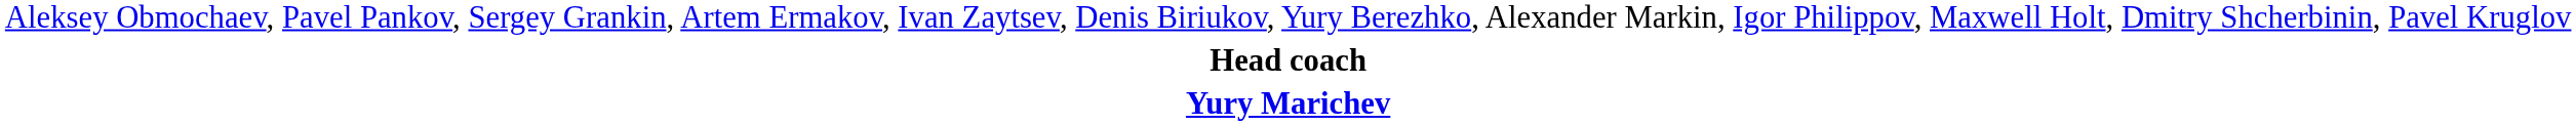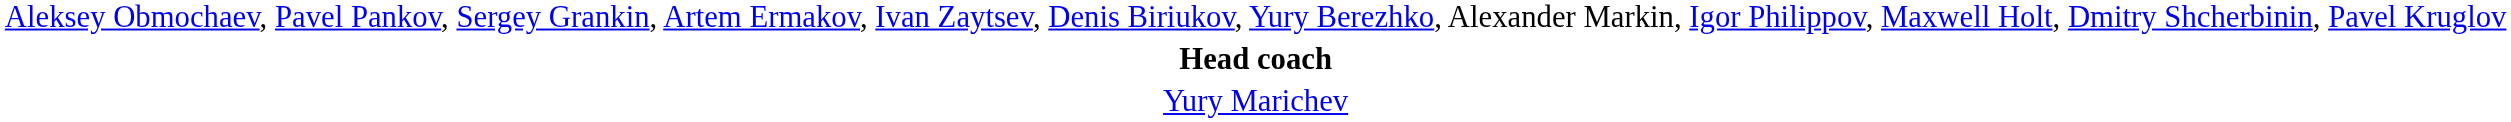 <table style="text-align: center; margin-top: 2em; margin-left: auto; margin-right: auto">
 <tr>
 <td><a href='#'>Aleksey Obmochaev</a>, <a href='#'>Pavel Pankov</a>, <a href='#'>Sergey Grankin</a>, <a href='#'>Artem Ermakov</a>, <a href='#'>Ivan Zaytsev</a>, <a href='#'>Denis Biriukov</a>, <a href='#'>Yury Berezhko</a>, Alexander Markin, <a href='#'>Igor Philippov</a>, <a href='#'>Maxwell Holt</a>, <a href='#'>Dmitry Shcherbinin</a>, <a href='#'>Pavel Kruglov</a></td>
 </tr>
 <tr>
 <td><strong>Head coach</strong></td>
 </tr>
 <tr>
-<td><strong><a href='#'>Yury Marichev</a></strong></td>
+<td><a href='#'>Yury Marichev</a></td>
 </tr>
 </table>
